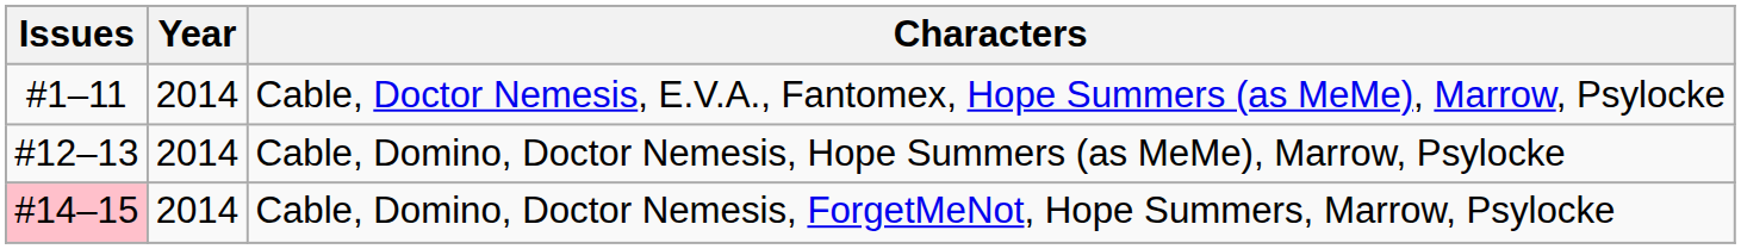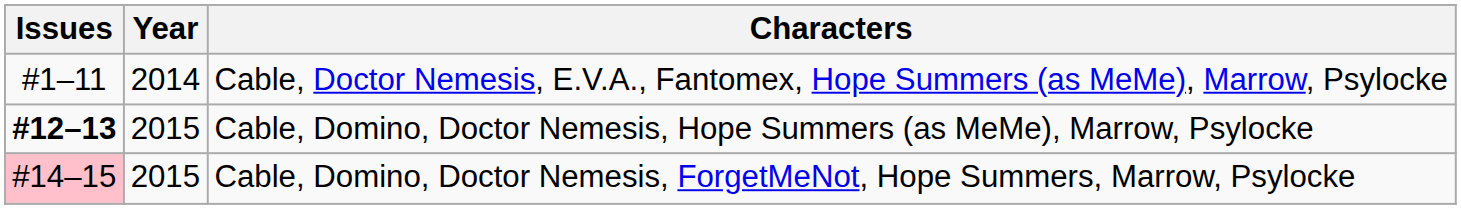 <table class="wikitable">
 <tr>
 <th>Issues</th>
 <th>Year</th>
 <th>Characters</th>
 </tr>
 <tr>
 <td align=center>#1–11</td>
 <td>2014</td>
 <td>Cable, <a href='#'>Doctor Nemesis</a>, E.V.A., Fantomex, <a href='#'>Hope Summers (as MeMe)</a>, <a href='#'>Marrow</a>, Psylocke</td>
 </tr>
 <tr>
-<td align=center>#12–13</td>
-<td>2014</td>
+<td align=center><strong>#12–13</strong></td>
+<td>2015</td>
 <td>Cable, Domino, Doctor Nemesis, Hope Summers (as MeMe), Marrow, Psylocke</td>
 </tr>
 <tr>
 <td align=center style="background: pink;">#14–15</td>
-<td>2014</td>
+<td>2015</td>
 <td>Cable, Domino, Doctor Nemesis, <a href='#'>ForgetMeNot</a>, Hope Summers, Marrow, Psylocke</td>
 </tr>
 </table>
